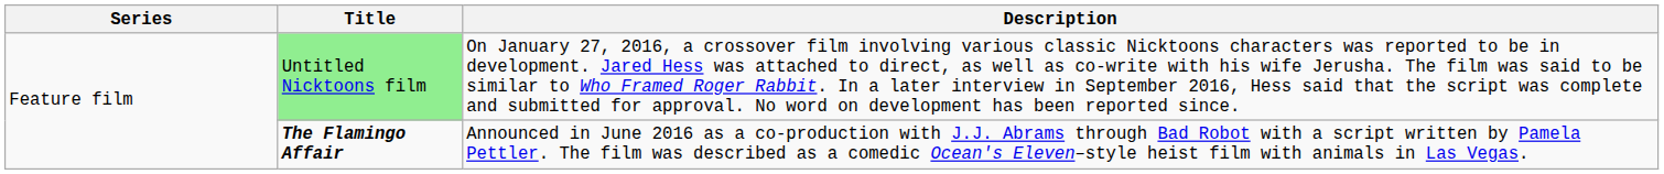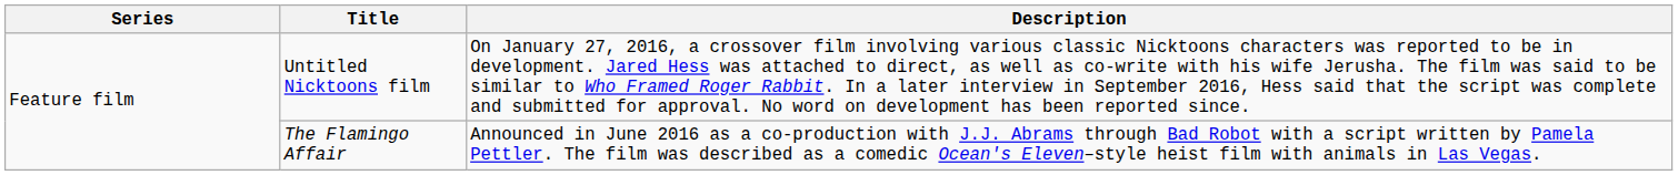 <table class="wikitable">
 <tr>
 <th style="width:150pt;">Series</th>
 <th style="width:100pt;">Title</th>
 <th>Description</th>
 </tr>
 <tr>
 <td rowspan="2">Feature film</td>
-<td style="background: lightgreen;">Untitled <a href='#'>Nicktoons</a> film</td>
+<td>Untitled <a href='#'>Nicktoons</a> film</td>
 <td>On January 27, 2016, a crossover film involving various classic Nicktoons characters was reported to be in development. <a href='#'>Jared Hess</a> was attached to direct, as well as co-write with his wife Jerusha. The film was said to be similar to <em><a href='#'>Who Framed Roger Rabbit</a></em>. In a later interview in September 2016, Hess said that the script was complete and submitted for approval. No word on development has been reported since.</td>
 </tr>
 <tr>
-<td><strong><em>The Flamingo Affair</em></strong></td>
+<td><em>The Flamingo Affair</em></td>
 <td>Announced in June 2016 as a co-production with <a href='#'>J.J. Abrams</a> through <a href='#'>Bad Robot</a> with a script written by <a href='#'>Pamela Pettler</a>. The film was described as a comedic <em><a href='#'>Ocean's Eleven</a></em>–style heist film with animals in <a href='#'>Las Vegas</a>.</td>
 </tr>
 </table>
